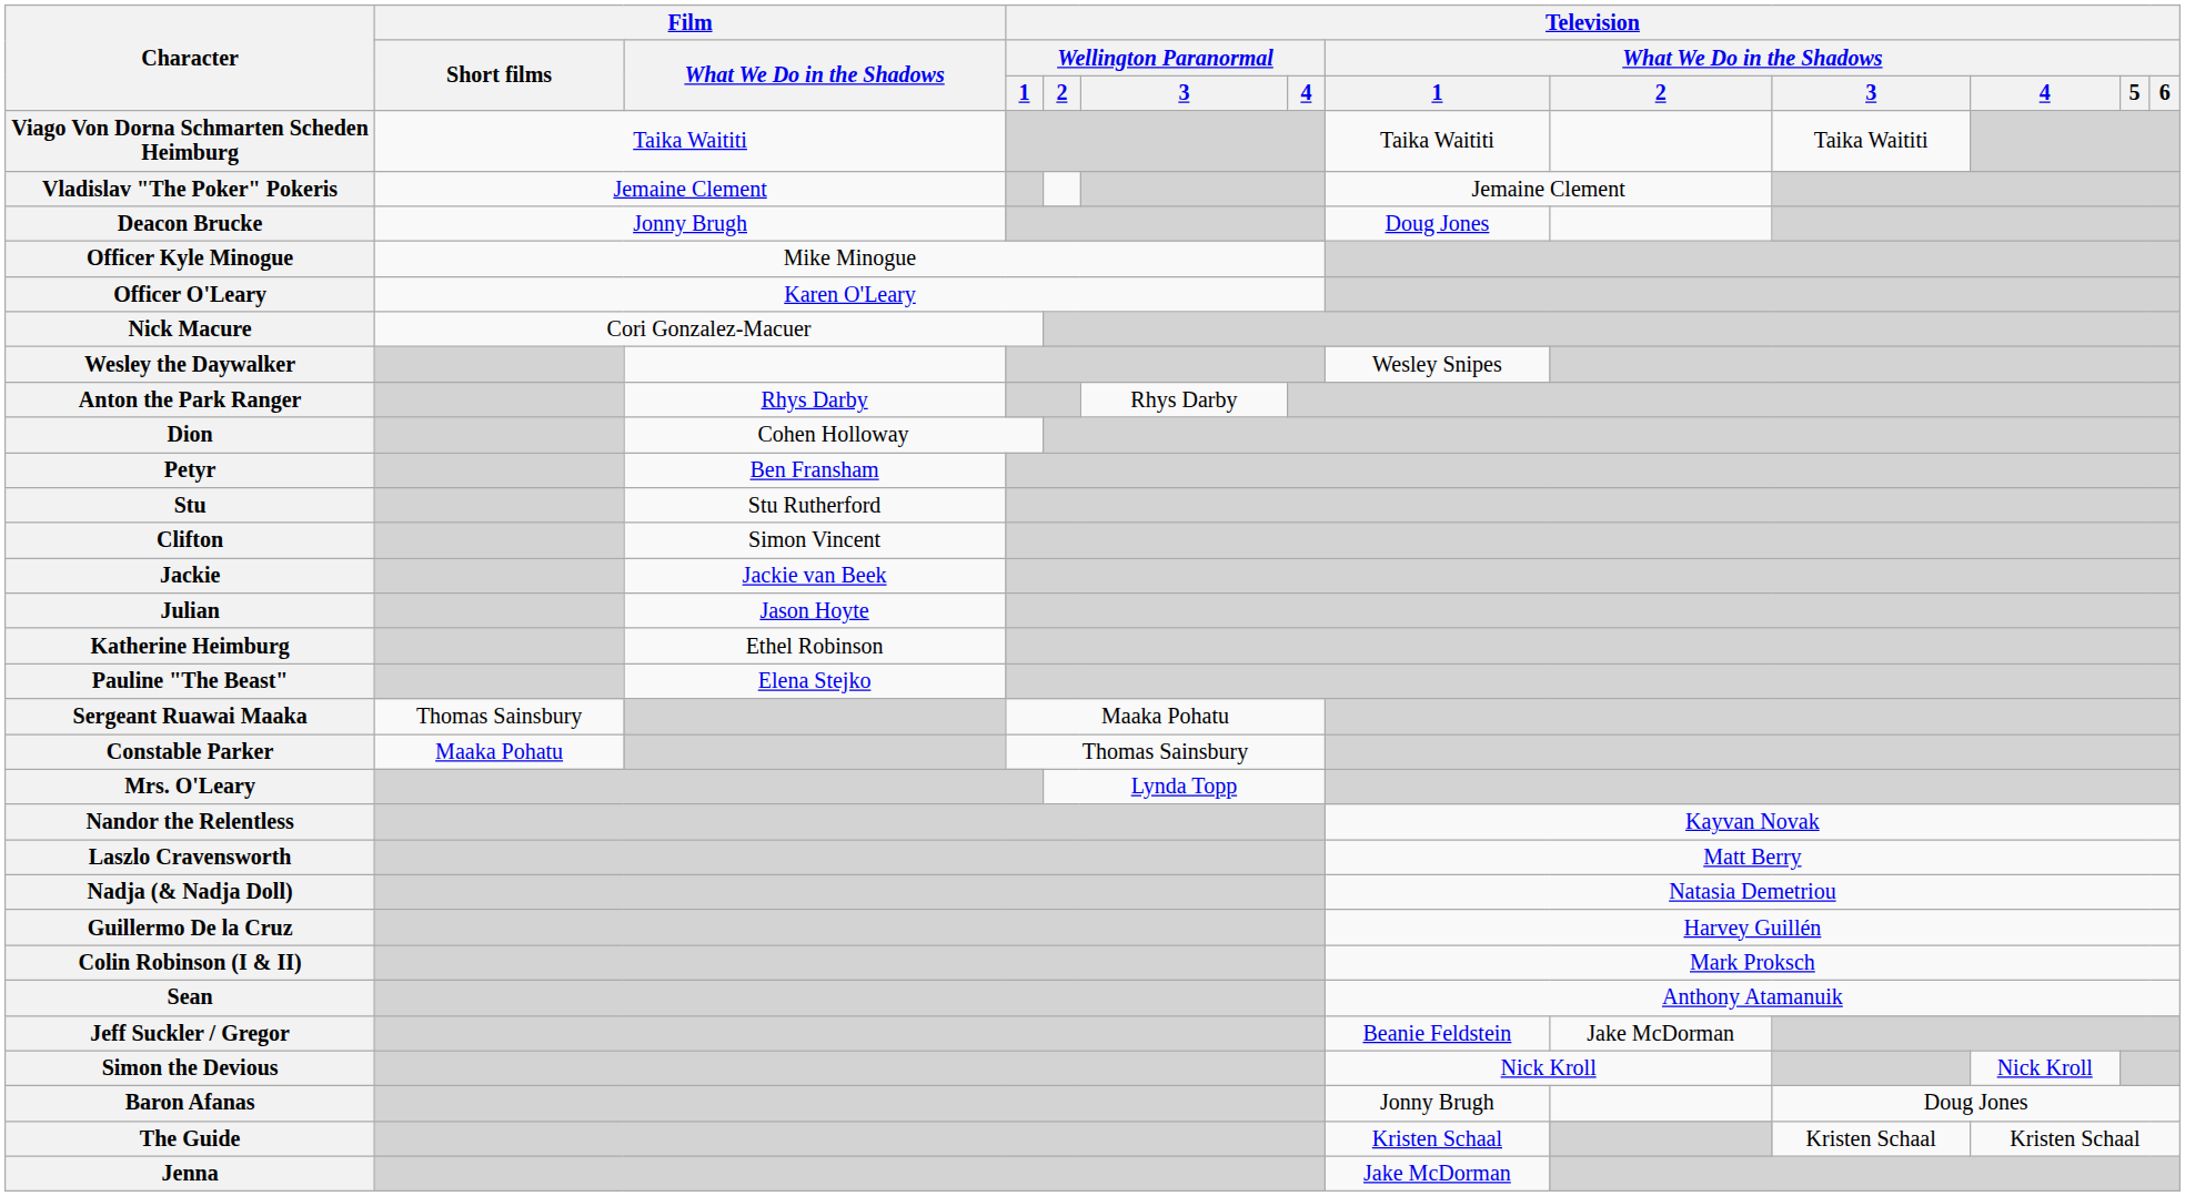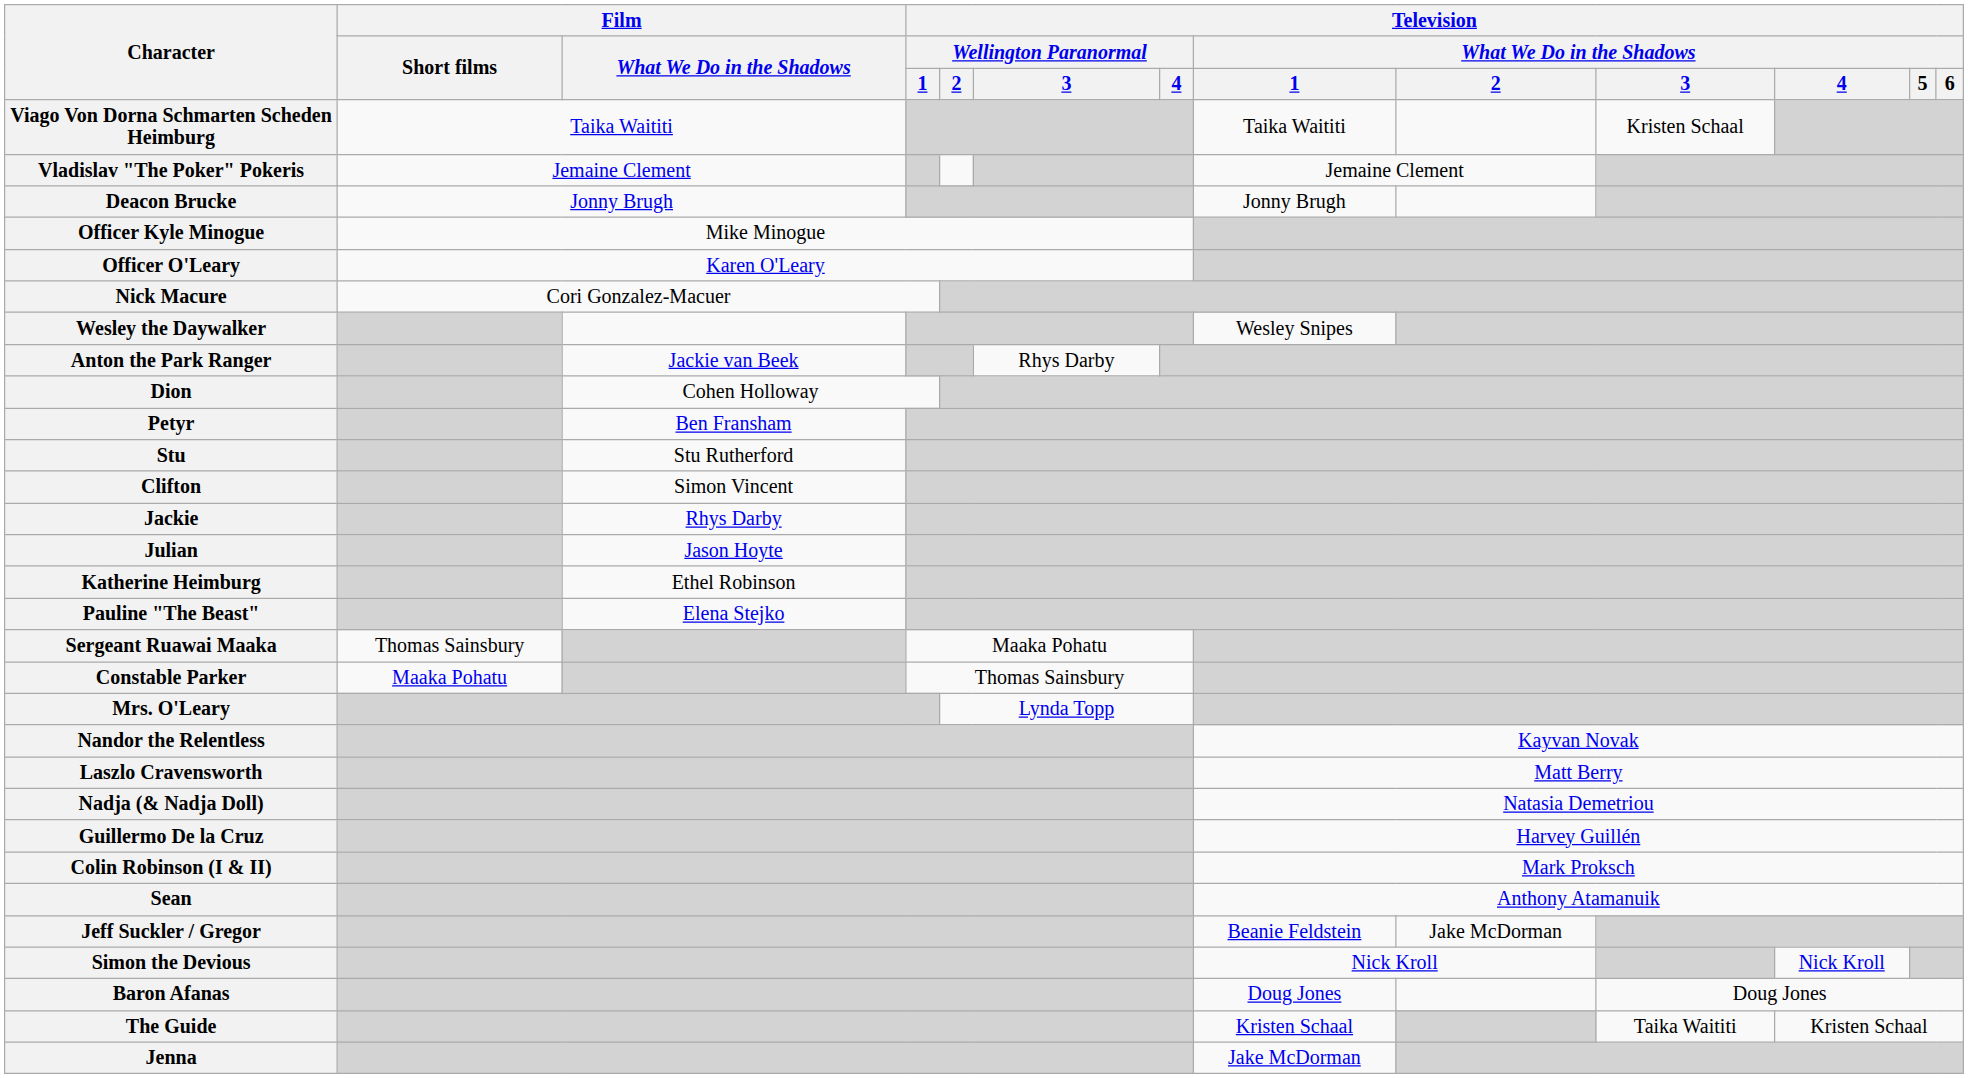 <table class="wikitable" style="text-align:center;">
 <tr>
 <th rowspan="3" style="text-align:center; width:17%;">Character</th>
 <th colspan="2" style="text-align:center;"><a href='#'>Film</a></th>
 <th colspan="10" style="text-align:center;"><a href='#'>Television</a></th>
 </tr>
 <tr>
 <th rowspan="2" style="text-align:center;">Short films</th>
 <th rowspan="2" style="text-align:center;"><em><a href='#'>What We Do in the Shadows</a></em></th>
 <th colspan="4" style="text-align:center;"><em><a href='#'>Wellington Paranormal</a></em></th>
 <th colspan="6" style="text-align:center;"><a href='#'><em>What We Do in the Shadows</em></a></th>
 </tr>
 <tr>
 <th style="text-align:center;"><a href='#'>1</a></th>
 <th style="text-align:center;"><a href='#'>2</a></th>
 <th style="text-align:center;"><a href='#'>3</a></th>
 <th style="text-align:center;"><a href='#'>4</a></th>
 <th style="text-align:center;"><a href='#'>1</a></th>
 <th style="text-align:center;"><a href='#'>2</a></th>
 <th style="text-align:center;"><a href='#'>3</a></th>
 <th style="text-align:center;"><a href='#'>4</a></th>
 <th>5</th>
 <th>6</th>
 </tr>
 <tr>
 <th>Viago Von Dorna Schmarten Scheden Heimburg</th>
 <td colspan="2"><a href='#'>Taika Waititi</a></td>
 <td colspan="4" style="background:lightgrey;"></td>
 <td>Taika Waititi</td>
 <td></td>
-<td>Taika Waititi</td>
+<td>Kristen Schaal</td>
 <td colspan="3" style="background:lightgrey;"></td>
 </tr>
 <tr>
 <th>Vladislav "The Poker" Pokeris</th>
 <td colspan="2"><a href='#'>Jemaine Clement</a></td>
 <td style="background:lightgrey;"></td>
 <td></td>
 <td colspan="2" style="background:lightgrey;"></td>
 <td colspan="2">Jemaine Clement</td>
 <td colspan="4" style="background:lightgrey;"></td>
 </tr>
 <tr>
 <th>Deacon Brucke</th>
 <td colspan="2"><a href='#'>Jonny Brugh</a></td>
 <td colspan="4" style="background:lightgrey;"></td>
-<td><a href='#'>Doug Jones</a></td>
+<td>Jonny Brugh</td>
 <td></td>
 <td colspan="4" style="background:lightgrey;"></td>
 </tr>
 <tr>
 <th>Officer Kyle Minogue</th>
 <td colspan="6">Mike Minogue</td>
 <td colspan="6" style="background:lightgrey;"></td>
 </tr>
 <tr>
 <th>Officer O'Leary</th>
 <td colspan="6"><a href='#'>Karen O'Leary</a></td>
 <td colspan="6" style="background:lightgrey;"></td>
 </tr>
 <tr>
 <th>Nick Macure</th>
 <td colspan="3">Cori Gonzalez-Macuer</td>
 <td colspan="9" style="background:lightgrey;"></td>
 </tr>
 <tr>
 <th>Wesley the Daywalker</th>
 <td style="background:lightgrey;"></td>
 <td></td>
 <td colspan="4" style="background:lightgrey;"></td>
 <td>Wesley Snipes</td>
 <td colspan="6" style="background:lightgrey;"></td>
 </tr>
 <tr>
 <th>Anton the Park Ranger</th>
 <td style="background:lightgrey;"></td>
-<td><a href='#'>Rhys Darby</a></td>
+<td><a href='#'>Jackie van Beek</a></td>
 <td colspan="2" style="background:lightgrey;"></td>
 <td>Rhys Darby</td>
 <td colspan="8" style="background:lightgrey;"></td>
 </tr>
 <tr>
 <th>Dion</th>
 <td style="background:lightgrey;"></td>
 <td colspan="2">Cohen Holloway</td>
 <td colspan="10" style="background:lightgrey;"></td>
 </tr>
 <tr>
 <th>Petyr</th>
 <td style="background:lightgrey;"></td>
 <td><a href='#'>Ben Fransham</a></td>
 <td colspan="11" style="background:lightgrey;"></td>
 </tr>
 <tr>
 <th>Stu</th>
 <td style="background:lightgrey;"></td>
 <td>Stu Rutherford</td>
 <td colspan="11" style="background:lightgrey;"></td>
 </tr>
 <tr>
 <th>Clifton</th>
 <td style="background:lightgrey;"></td>
 <td>Simon Vincent</td>
 <td colspan="11" style="background:lightgrey;"></td>
 </tr>
 <tr>
 <th>Jackie</th>
 <td style="background:lightgrey;"></td>
-<td><a href='#'>Jackie van Beek</a></td>
+<td><a href='#'>Rhys Darby</a></td>
 <td colspan="11" style="background:lightgrey;"></td>
 </tr>
 <tr>
 <th>Julian</th>
 <td style="background:lightgrey;"></td>
 <td><a href='#'>Jason Hoyte</a></td>
 <td colspan="11" style="background:lightgrey;"></td>
 </tr>
 <tr>
 <th>Katherine Heimburg</th>
 <td style="background:lightgrey;"></td>
 <td>Ethel Robinson</td>
 <td colspan="11" style="background:lightgrey;"></td>
 </tr>
 <tr>
 <th>Pauline "The Beast"</th>
 <td style="background:lightgrey;"></td>
 <td><a href='#'>Elena Stejko</a></td>
 <td colspan="11" style="background:lightgrey;"></td>
 </tr>
 <tr>
 <th>Sergeant Ruawai Maaka</th>
 <td>Thomas Sainsbury</td>
 <td style="background:lightgrey;"></td>
 <td colspan="4">Maaka Pohatu</td>
 <td colspan="6" style="background:lightgrey;"></td>
 </tr>
 <tr>
 <th>Constable Parker</th>
 <td><a href='#'>Maaka Pohatu</a></td>
 <td style="background:lightgrey;"></td>
 <td colspan="4">Thomas Sainsbury</td>
 <td colspan="6" style="background:lightgrey;"></td>
 </tr>
 <tr>
 <th>Mrs. O'Leary</th>
 <td colspan="3" style="background:lightgrey;"></td>
 <td colspan="3"><a href='#'>Lynda Topp</a></td>
 <td colspan="6" style="background:lightgrey;"></td>
 </tr>
 <tr>
 <th>Nandor the Relentless</th>
 <td colspan="6" style="background:lightgrey;"></td>
 <td colspan="6"><a href='#'>Kayvan Novak</a></td>
 </tr>
 <tr>
 <th>Laszlo Cravensworth</th>
 <td colspan="6" style="background:lightgrey;"></td>
 <td colspan="6"><a href='#'>Matt Berry</a></td>
 </tr>
 <tr>
 <th>Nadja (& Nadja Doll)</th>
 <td colspan="6" style="background:lightgrey;"></td>
 <td colspan="6"><a href='#'>Natasia Demetriou</a></td>
 </tr>
 <tr>
 <th>Guillermo De la Cruz</th>
 <td colspan="6" style="background:lightgrey;"></td>
 <td colspan="6"><a href='#'>Harvey Guillén</a></td>
 </tr>
 <tr>
 <th>Colin Robinson (I & II)</th>
 <td colspan="6" style="background:lightgrey;"></td>
 <td colspan="6"><a href='#'>Mark Proksch</a></td>
 </tr>
 <tr>
 <th>Sean</th>
 <td colspan="6" style="background:lightgrey;"></td>
 <td colspan="6"><a href='#'>Anthony Atamanuik</a></td>
 </tr>
 <tr>
 <th>Jeff Suckler / Gregor</th>
 <td colspan="6" style="background:lightgrey;"></td>
 <td><a href='#'>Beanie Feldstein</a></td>
 <td>Jake McDorman</td>
 <td colspan="4" style="background:lightgrey;"></td>
 </tr>
 <tr>
 <th>Simon the Devious</th>
 <td colspan="6" style="background:lightgrey;"></td>
 <td colspan="2"><a href='#'>Nick Kroll</a></td>
 <td colspan="1" style="background:lightgrey;"></td>
 <td colspan="1"><a href='#'>Nick Kroll</a></td>
 <td colspan="2" style="background:lightgrey;"></td>
 </tr>
 <tr>
 <th>Baron Afanas</th>
 <td colspan="6" style="background:lightgrey;"></td>
-<td>Jonny Brugh</td>
+<td><a href='#'>Doug Jones</a></td>
 <td></td>
 <td colspan="4">Doug Jones</td>
 </tr>
 <tr>
 <th>The Guide</th>
 <td colspan="6" style="background:lightgrey;"></td>
 <td><a href='#'>Kristen Schaal</a></td>
 <td style="background:lightgrey;"></td>
-<td>Kristen Schaal</td>
+<td>Taika Waititi</td>
 <td colspan="3">Kristen Schaal</td>
 </tr>
 <tr>
 <th>Jenna</th>
 <td colspan="6" style="background:lightgrey;"></td>
 <td><a href='#'>Jake McDorman</a></td>
 <td colspan="5" style="background:lightgrey;"></td>
 </tr>
 </table>
